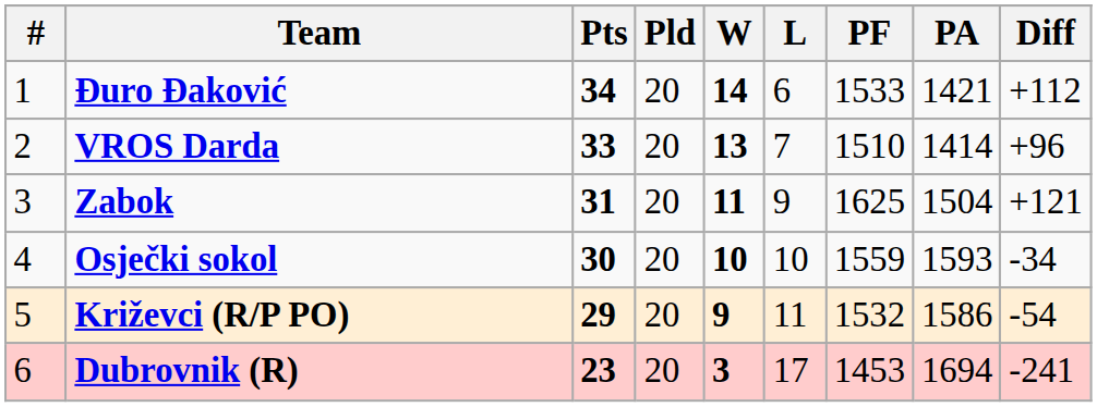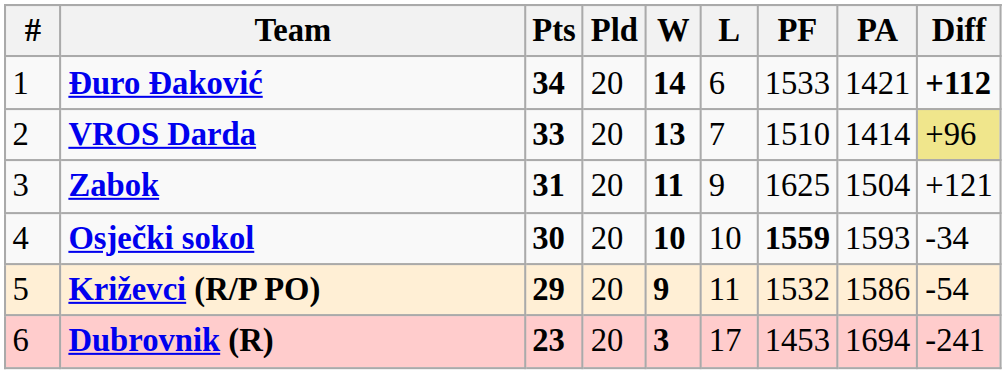 <table class=wikitable>
 <tr align=center>
 </tr>
 <tr>
 <th width=20>#</th>
 <th width=220>Team</th>
 <th width=20>Pts</th>
 <th width=20>Pld</th>
 <th width=20>W</th>
 <th width=20>L</th>
 <th width=20>PF</th>
 <th width=20>PA</th>
 <th width=20>Diff</th>
 </tr>
 <tr>
 <td>1</td>
 <td align="left"><strong><a href='#'>Đuro Đaković</a></strong></td>
 <td><strong>34</strong></td>
 <td>20</td>
 <td><strong>14</strong></td>
 <td>6</td>
 <td>1533</td>
 <td>1421</td>
-<td>+112</td>
+<td><strong>+112</strong></td>
 </tr>
 <tr>
 <td>2</td>
 <td align="left"><strong><a href='#'>VROS Darda</a></strong></td>
 <td><strong>33</strong></td>
 <td>20</td>
 <td><strong>13</strong></td>
 <td>7</td>
 <td>1510</td>
 <td>1414</td>
-<td>+96</td>
+<td style="background: khaki;">+96</td>
 </tr>
 <tr>
 <td>3</td>
 <td align="left"><strong><a href='#'>Zabok</a></strong></td>
 <td><strong>31</strong></td>
 <td>20</td>
 <td><strong>11</strong></td>
 <td>9</td>
 <td>1625</td>
 <td>1504</td>
 <td>+121</td>
 </tr>
 <tr>
 <td>4</td>
 <td align="left"><strong><a href='#'>Osječki sokol</a></strong></td>
 <td><strong>30</strong></td>
 <td>20</td>
 <td><strong>10</strong></td>
 <td>10</td>
-<td>1559</td>
+<td><strong>1559</strong></td>
 <td>1593</td>
 <td>-34</td>
 </tr>
 <tr bgcolor=FFEFD5>
 <td>5</td>
 <td align="left"><strong><a href='#'>Križevci</a> (R/P PO)</strong></td>
 <td><strong>29</strong></td>
 <td>20</td>
 <td><strong>9</strong></td>
 <td>11</td>
 <td>1532</td>
 <td>1586</td>
 <td>-54</td>
 </tr>
 <tr bgcolor=FFCCCC>
 <td>6</td>
 <td align="left"><strong><a href='#'>Dubrovnik</a> (R)</strong></td>
 <td><strong>23</strong></td>
 <td>20</td>
 <td><strong>3</strong></td>
 <td>17</td>
 <td>1453</td>
 <td>1694</td>
 <td>-241</td>
 </tr>
 </table>
